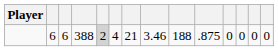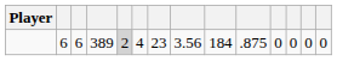 <table class="wikitable sortable" style="text-align:center;">
 <tr>
 <th>Player</th>
 <th></th>
 <th></th>
 <th></th>
 <th></th>
 <th></th>
 <th></th>
 <th></th>
 <th></th>
 <th></th>
 <th></th>
 <th></th>
 <th></th>
 <th></th>
 </tr>
 <tr>
 <td></td>
 <td>6</td>
 <td>6</td>
-<td>388</td>
+<td>389</td>
 <td style="background: lightgrey;">2</td>
 <td>4</td>
-<td>21</td>
-<td>3.46</td>
-<td>188</td>
+<td>23</td>
+<td>3.56</td>
+<td>184</td>
 <td>.875</td>
 <td>0</td>
 <td>0</td>
 <td>0</td>
 <td>0</td>
 </tr>
 </table>
